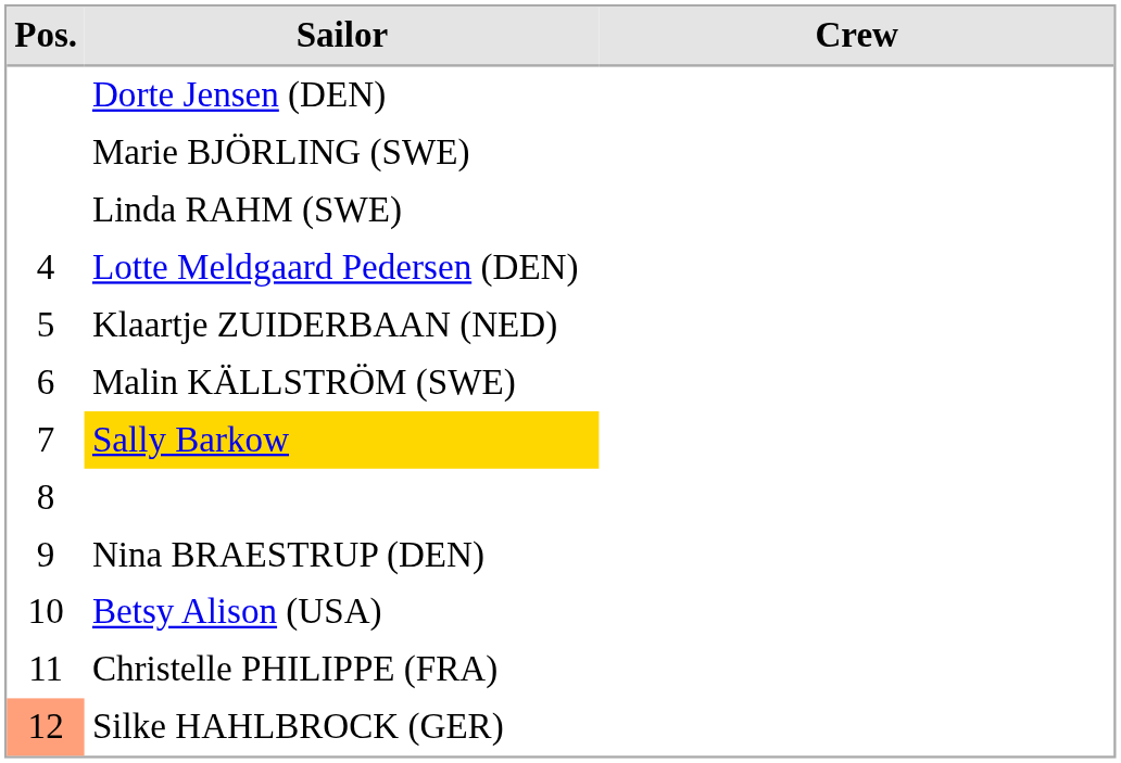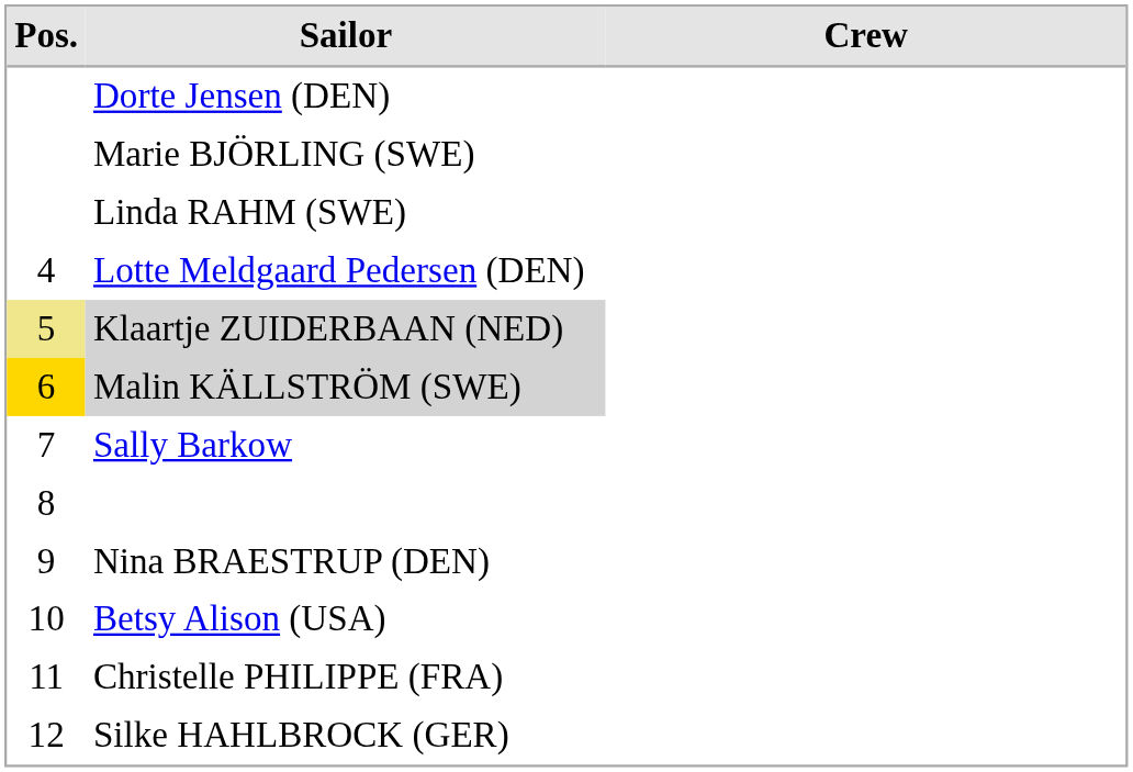 <table cellspacing="0" cellpadding="3" style="border:1px solid #AAAAAA;font-size:90%">
 <tr bgcolor="#E4E4E4">
 <th style="border-bottom:1px solid #AAAAAA" width=10>Pos.</th>
 <th style="border-bottom:1px solid #AAAAAA" width=200>Sailor</th>
 <th style="border-bottom:1px solid #AAAAAA" width=200>Crew</th>
 </tr>
 <tr>
 <td align="center"></td>
 <td><a href='#'>Dorte Jensen</a> (DEN)</td>
 <td></td>
 </tr>
 <tr>
 <td align="center"></td>
 <td>Marie BJÖRLING (SWE)</td>
 <td></td>
 </tr>
 <tr>
 <td align="center"></td>
 <td>Linda RAHM (SWE)</td>
 <td></td>
 </tr>
 <tr>
 <td align="center">4</td>
 <td><a href='#'>Lotte Meldgaard Pedersen</a> (DEN)</td>
 <td></td>
 </tr>
 <tr>
-<td align="center">5</td>
-<td>Klaartje ZUIDERBAAN (NED)</td>
+<td align="center" style="background: khaki;">5</td>
+<td style="background: lightgrey;">Klaartje ZUIDERBAAN (NED)</td>
 <td></td>
 </tr>
 <tr>
-<td align="center">6</td>
-<td>Malin KÄLLSTRÖM (SWE)</td>
+<td align="center" style="background: gold;">6</td>
+<td style="background: lightgrey;">Malin KÄLLSTRÖM (SWE)</td>
 <td></td>
 </tr>
 <tr>
 <td align="center">7</td>
-<td style="background: gold;"><a href='#'>Sally Barkow</a></td>
+<td><a href='#'>Sally Barkow</a></td>
 <td></td>
 </tr>
 <tr>
 <td align="center">8</td>
 <td></td>
 <td></td>
 </tr>
 <tr>
 <td align="center">9</td>
 <td>Nina BRAESTRUP (DEN)</td>
 <td></td>
 </tr>
 <tr>
 <td align="center">10</td>
 <td><a href='#'>Betsy Alison</a> (USA)</td>
 <td></td>
 </tr>
 <tr>
 <td align="center">11</td>
 <td>Christelle PHILIPPE (FRA)</td>
 <td></td>
 </tr>
 <tr>
-<td align="center" style="background: lightsalmon;">12</td>
+<td align="center">12</td>
 <td>Silke HAHLBROCK (GER)</td>
 <td></td>
 </tr>
 <tr>
 </tr>
 </table>
